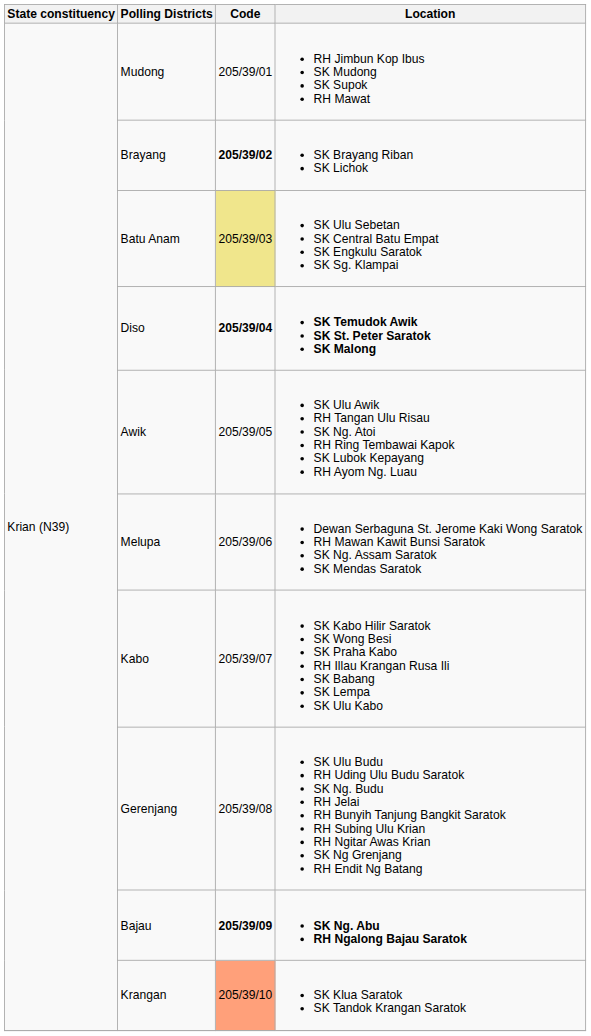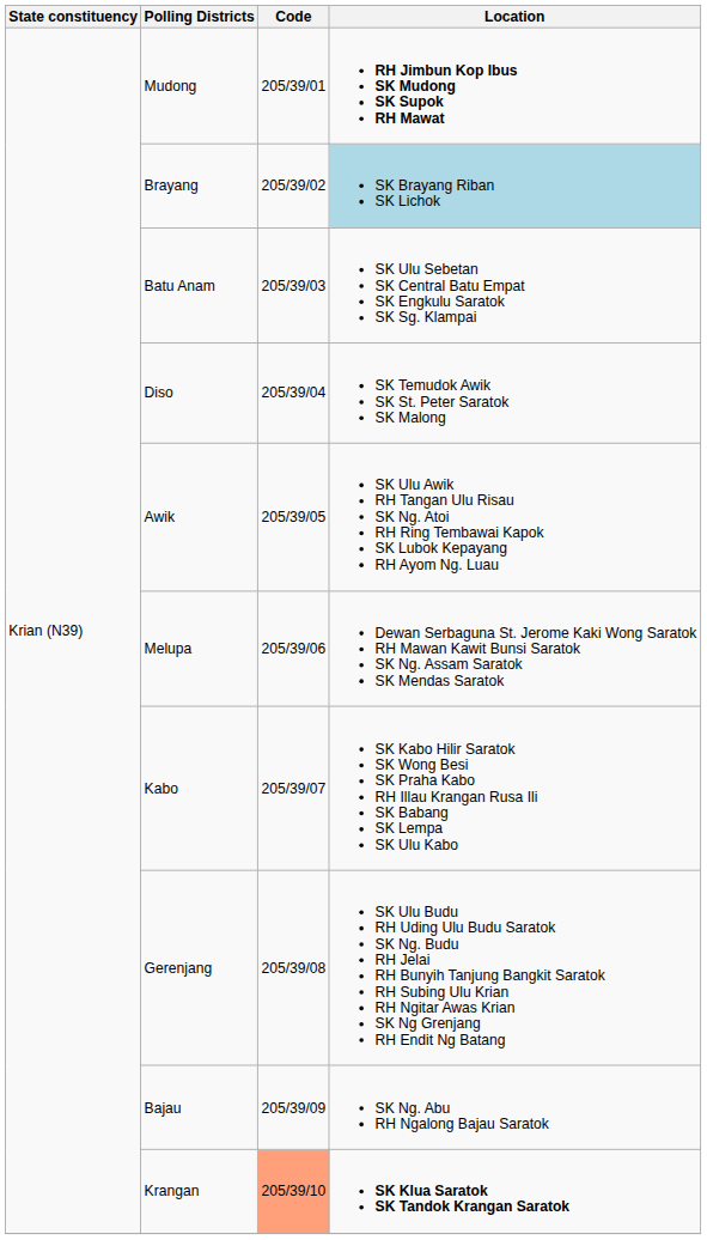 <table class="wikitable sortable mw-collapsible" style="white-space:nowrap;font-size:85%">
 <tr>
 <th>State constituency</th>
 <th>Polling Districts</th>
 <th>Code</th>
 <th>Location</th>
 </tr>
 <tr>
 <td rowspan="10">Krian (N39)</td>
 <td>Mudong</td>
 <td>205/39/01</td>
-<td><br><ul><li>RH Jimbun Kop Ibus</li><li>SK Mudong</li><li>SK Supok</li><li>RH Mawat</li></ul></td>
+<td><strong><br><ul><li>RH Jimbun Kop Ibus</li><li>SK Mudong</li><li>SK Supok</li><li>RH Mawat</li></ul></strong></td>
 </tr>
 <tr>
 <td>Brayang</td>
-<td><strong>205/39/02</strong></td>
-<td><br><ul><li>SK Brayang Riban</li><li>SK Lichok</li></ul></td>
+<td>205/39/02</td>
+<td style="background: lightblue;"><br><ul><li>SK Brayang Riban</li><li>SK Lichok</li></ul></td>
 </tr>
 <tr>
 <td>Batu Anam</td>
-<td style="background: khaki;">205/39/03</td>
+<td>205/39/03</td>
 <td><br><ul><li>SK Ulu Sebetan</li><li>SK Central Batu Empat</li><li>SK Engkulu Saratok</li><li>SK Sg. Klampai</li></ul></td>
 </tr>
 <tr>
 <td>Diso</td>
-<td><strong>205/39/04</strong></td>
-<td><strong><br><ul><li>SK Temudok Awik</li><li>SK St. Peter Saratok</li><li>SK Malong</li></ul></strong></td>
+<td>205/39/04</td>
+<td><br><ul><li>SK Temudok Awik</li><li>SK St. Peter Saratok</li><li>SK Malong</li></ul></td>
 </tr>
 <tr>
 <td>Awik</td>
 <td>205/39/05</td>
 <td><br><ul><li>SK Ulu Awik</li><li>RH Tangan Ulu Risau</li><li>SK Ng. Atoi</li><li>RH Ring Tembawai Kapok</li><li>SK Lubok Kepayang</li><li>RH Ayom Ng. Luau</li></ul></td>
 </tr>
 <tr>
 <td>Melupa</td>
 <td>205/39/06</td>
 <td><br><ul><li>Dewan Serbaguna St. Jerome Kaki Wong Saratok</li><li>RH Mawan Kawit Bunsi Saratok</li><li>SK Ng. Assam Saratok</li><li>SK Mendas Saratok</li></ul></td>
 </tr>
 <tr>
 <td>Kabo</td>
 <td>205/39/07</td>
 <td><br><ul><li>SK Kabo Hilir Saratok</li><li>SK Wong Besi</li><li>SK Praha Kabo</li><li>RH Illau Krangan Rusa Ili</li><li>SK Babang</li><li>SK Lempa</li><li>SK Ulu Kabo</li></ul></td>
 </tr>
 <tr>
 <td>Gerenjang</td>
 <td>205/39/08</td>
 <td><br><ul><li>SK Ulu Budu</li><li>RH Uding Ulu Budu Saratok</li><li>SK Ng. Budu</li><li>RH Jelai</li><li>RH Bunyih Tanjung Bangkit Saratok</li><li>RH Subing Ulu Krian</li><li>RH Ngitar Awas Krian</li><li>SK Ng Grenjang</li><li>RH Endit Ng Batang</li></ul></td>
 </tr>
 <tr>
 <td>Bajau</td>
-<td><strong>205/39/09</strong></td>
-<td><strong><br><ul><li>SK Ng. Abu</li><li>RH Ngalong Bajau Saratok</li></ul></strong></td>
+<td>205/39/09</td>
+<td><br><ul><li>SK Ng. Abu</li><li>RH Ngalong Bajau Saratok</li></ul></td>
 </tr>
 <tr>
 <td>Krangan</td>
 <td style="background: lightsalmon;">205/39/10</td>
-<td><br><ul><li>SK Klua Saratok</li><li>SK Tandok Krangan Saratok</li></ul></td>
+<td><strong><br><ul><li>SK Klua Saratok</li><li>SK Tandok Krangan Saratok</li></ul></strong></td>
 </tr>
 <tr>
 </tr>
 </table>
